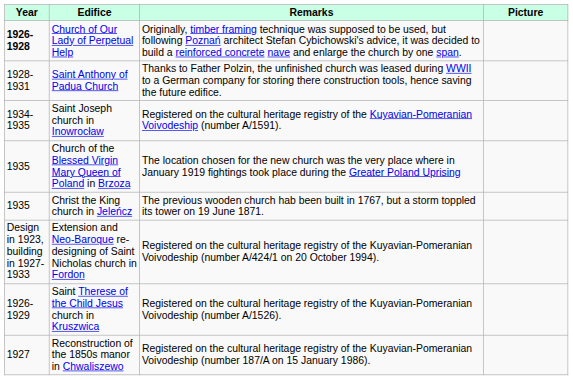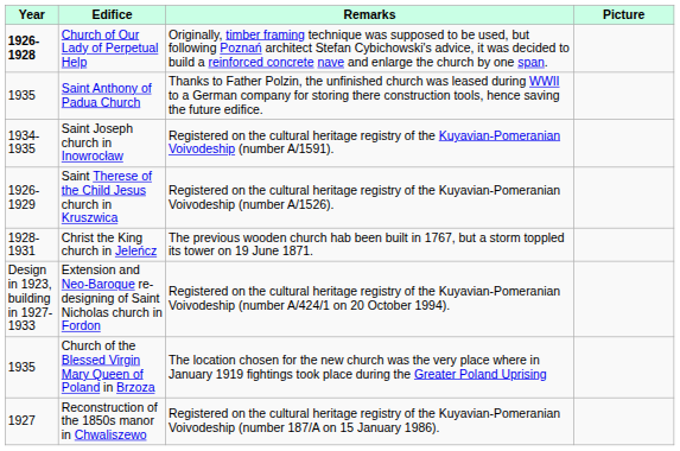 <table class="wikitable" style="flex:30em">
 <tr align="center" bgcolor="#C9FFE5">
 <td width=8%><strong>Year</strong></td>
 <td width=16%><strong>Edifice</strong></td>
 <td width=61%><strong>Remarks</strong></td>
 <td width=15%><strong>Picture</strong></td>
 </tr>
 <tr ----bgcolor="#FFFFFF">
 <td><strong>1926-1928</strong></td>
 <td><a href='#'>Church of Our Lady of Perpetual Help</a></td>
 <td>Originally, <a href='#'>timber framing</a> technique was supposed to be used, but following <a href='#'>Poznań</a> architect Stefan Cybichowski's advice, it was decided to build a <a href='#'>reinforced concrete</a> <a href='#'>nave</a> and enlarge the church by one <a href='#'>span</a>.</td>
 <td></td>
 </tr>
 <tr>
-<td>1928-1931</td>
+<td>1935</td>
 <td><a href='#'>Saint Anthony of Padua Church</a></td>
 <td>Thanks to Father Polzin, the unfinished church was leased during <a href='#'>WWII</a> to a German company for storing there construction tools, hence saving the future edifice.</td>
 <td></td>
 </tr>
 <tr ----bgcolor="#FFFFFF">
 <td>1934-1935</td>
 <td>Saint Joseph church in <a href='#'>Inowrocław</a></td>
 <td>Registered on the cultural heritage registry of the <a href='#'>Kuyavian-Pomeranian Voivodeship</a> (number A/1591).</td>
 <td></td>
 </tr>
-<tr ----bgcolor="#FFFFFF">
-<td>1935</td>
-<td>Church of the <a href='#'>Blessed Virgin Mary Queen of Poland</a> in <a href='#'>Brzoza</a></td>
-<td>The location chosen for the new church was the very place where in January 1919 fightings took place during the <a href='#'>Greater Poland Uprising</a></td>
+<tr>
+<td>1926-1929</td>
+<td>Saint <a href='#'>Therese of the Child Jesus</a> church in <a href='#'>Kruszwica</a></td>
+<td>Registered on the cultural heritage registry of the Kuyavian-Pomeranian Voivodeship (number A/1526).</td>
 <td></td>
 </tr>
 <tr ----bgcolor="#FFFFFF">
-<td>1935</td>
+<td>1928-1931</td>
 <td>Christ the King church in <a href='#'>Jeleńcz</a></td>
 <td>The previous wooden church hab been built in 1767, but a storm toppled its tower on 19 June 1871.</td>
 <td></td>
 </tr>
 <tr>
 <td>Design in 1923, building in 1927-1933</td>
 <td>Extension and <a href='#'>Neo-Baroque</a> re-designing of Saint Nicholas church in <a href='#'>Fordon</a></td>
 <td>Registered on the cultural heritage registry of the Kuyavian-Pomeranian Voivodeship (number A/424/1 on 20 October 1994).</td>
 <td></td>
 </tr>
-<tr>
-<td>1926-1929</td>
-<td>Saint <a href='#'>Therese of the Child Jesus</a> church in <a href='#'>Kruszwica</a></td>
-<td>Registered on the cultural heritage registry of the Kuyavian-Pomeranian Voivodeship (number A/1526).</td>
+<tr ----bgcolor="#FFFFFF">
+<td>1935</td>
+<td>Church of the <a href='#'>Blessed Virgin Mary Queen of Poland</a> in <a href='#'>Brzoza</a></td>
+<td>The location chosen for the new church was the very place where in January 1919 fightings took place during the <a href='#'>Greater Poland Uprising</a></td>
 <td></td>
 </tr>
 <tr>
 <td>1927</td>
 <td>Reconstruction of the 1850s manor in <a href='#'>Chwaliszewo</a></td>
 <td>Registered on the cultural heritage registry of the Kuyavian-Pomeranian Voivodeship (number 187/A on 15 January 1986).</td>
 <td></td>
 </tr>
 </table>
